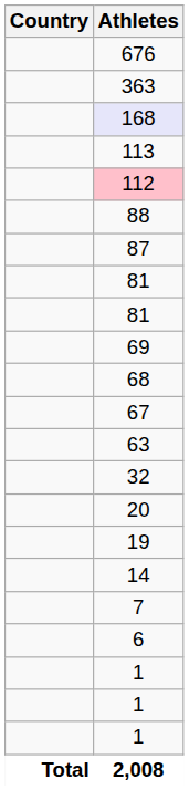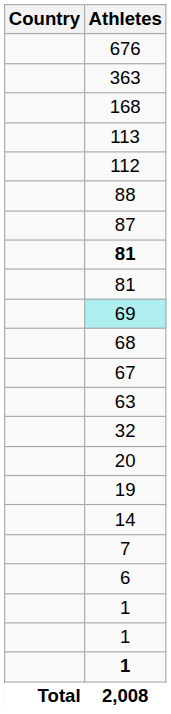 <table class="wikitable collapsible collapsed sortable" style="border:0;">
 <tr>
 <th>Country</th>
 <th>Athletes</th>
 </tr>
 <tr>
 <td></td>
 <td align=center>676</td>
 </tr>
 <tr>
 <td></td>
 <td align=center>363</td>
 </tr>
 <tr>
 <td></td>
-<td align=center style="background: lavender;">168</td>
+<td align=center>168</td>
 </tr>
 <tr>
 <td></td>
 <td align=center>113</td>
 </tr>
 <tr>
 <td></td>
-<td align=center style="background: pink;">112</td>
+<td align=center>112</td>
 </tr>
 <tr>
 <td></td>
 <td align=center>88</td>
 </tr>
 <tr>
 <td></td>
 <td align=center>87</td>
 </tr>
 <tr>
 <td></td>
-<td align=center>81</td>
+<td align=center><strong>81</strong></td>
 </tr>
 <tr>
 <td></td>
 <td align=center>81</td>
 </tr>
 <tr>
 <td></td>
-<td align=center>69</td>
+<td align=center style="background: paleturquoise;">69</td>
 </tr>
 <tr>
 <td></td>
 <td align=center>68</td>
 </tr>
 <tr>
 <td></td>
 <td align=center>67</td>
 </tr>
 <tr>
 <td></td>
 <td align=center>63</td>
 </tr>
 <tr>
 <td></td>
 <td align=center>32</td>
 </tr>
 <tr>
 <td></td>
 <td align=center>20</td>
 </tr>
 <tr>
 <td></td>
 <td align=center>19</td>
 </tr>
 <tr>
 <td></td>
 <td align=center>14</td>
 </tr>
 <tr>
 <td></td>
 <td align=center>7</td>
 </tr>
 <tr>
 <td></td>
 <td align=center>6</td>
 </tr>
 <tr>
 <td></td>
 <td align=center>1</td>
 </tr>
 <tr>
 <td></td>
 <td align=center>1</td>
 </tr>
 <tr>
 <td></td>
-<td align=center>1</td>
+<td align=center><strong>1</strong></td>
 </tr>
 <tr class="sortbottom">
 <td style="text-align:right; border:0px; background:#fff;"><strong>Total</strong></td>
 <td style="text-align:center; border:0px; background:#fff;"><strong>2,008</strong></td>
 </tr>
 <tr>
 </tr>
 </table>
